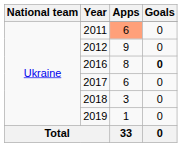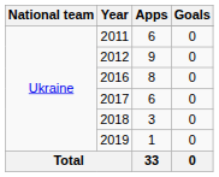 <table class="wikitable" style="text-align: center;">
 <tr>
 <th>National team</th>
 <th>Year</th>
 <th>Apps</th>
 <th>Goals</th>
 </tr>
 <tr>
 <td rowspan="7"><a href='#'>Ukraine</a></td>
 </tr>
 <tr>
 <td>2011</td>
-<td style="background: lightsalmon;">6</td>
+<td>6</td>
 <td>0</td>
 </tr>
 <tr>
 <td>2012</td>
 <td>9</td>
 <td>0</td>
 </tr>
 <tr>
 <td>2016</td>
 <td>8</td>
-<td><strong>0</strong></td>
+<td>0</td>
 </tr>
 <tr>
 <td>2017</td>
 <td>6</td>
 <td>0</td>
 </tr>
 <tr>
 <td>2018</td>
 <td>3</td>
 <td>0</td>
 </tr>
 <tr>
 <td>2019</td>
 <td>1</td>
 <td>0</td>
 </tr>
 <tr>
 <th colspan="2">Total</th>
 <th>33</th>
 <th>0</th>
 </tr>
 </table>
